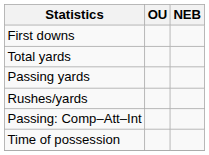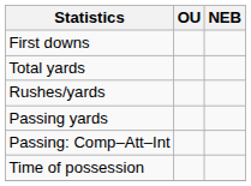 <table class="wikitable" style="float: left;">
 <tr>
 <th>Statistics</th>
 <th>OU</th>
 <th>NEB</th>
 </tr>
 <tr>
 <td>First downs</td>
 <td></td>
 <td></td>
 </tr>
 <tr>
 <td>Total yards</td>
 <td></td>
 <td></td>
 </tr>
 <tr>
-<td>Passing yards</td>
+<td>Rushes/yards</td>
 <td></td>
 <td></td>
 </tr>
 <tr>
-<td>Rushes/yards</td>
+<td>Passing yards</td>
 <td></td>
 <td></td>
 </tr>
 <tr>
 <td>Passing: Comp–Att–Int</td>
 <td></td>
 <td></td>
 </tr>
 <tr>
 <td>Time of possession</td>
 <td></td>
 <td></td>
 </tr>
 <tr>
 </tr>
 </table>
